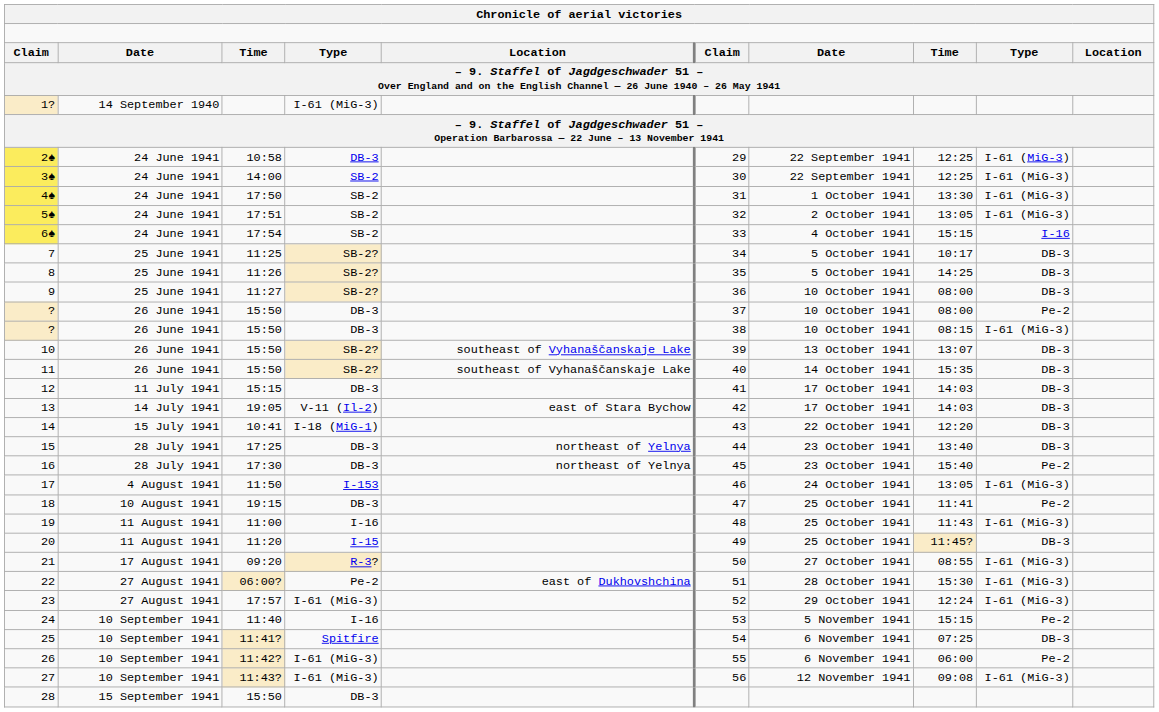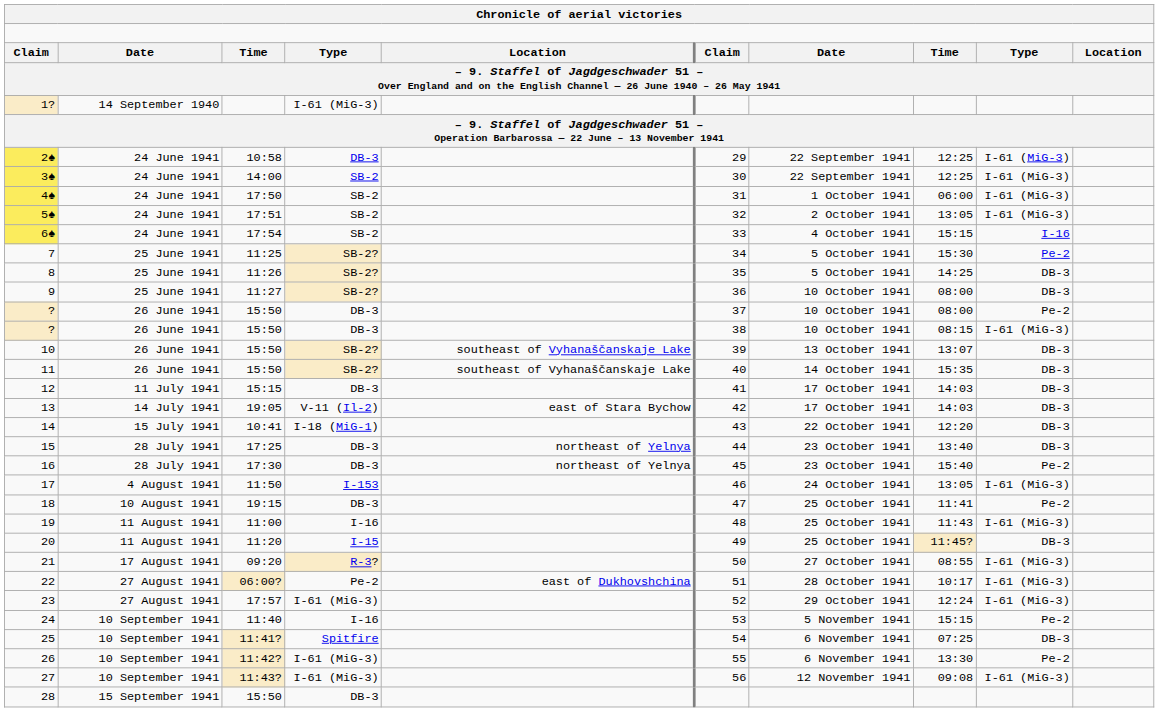 <table class="wikitable plainrowheaders collapsible" style="margin-left: auto; margin-right: auto; border: none; text-align:right; width: 100%;">
 <tr>
 <th colspan="10">Chronicle of aerial victories</th>
 </tr>
 <tr>
 <td colspan="10" style="text-align: left;"><br> </td>
 </tr>
 <tr>
 <th scope="col">Claim</th>
 <th scope="col">Date</th>
 <th scope="col">Time</th>
 <th scope="col" width="100px">Type</th>
 <th scope="col">Location</th>
 <th scope="col" style="border-left: 3px solid grey;">Claim</th>
 <th scope="col">Date</th>
 <th scope="col">Time</th>
 <th scope="col" width="100px">Type</th>
 <th scope="col">Location</th>
 </tr>
 <tr>
 <th colspan="10">– 9. <em>Staffel</em> of <em>Jagdgeschwader</em> 51 –<br><small>Over England and on the English Channel — 26 June 1940 – 26 May 1941</small></th>
 </tr>
 <tr>
 <td style="background:#faecc8">1?</td>
 <td>14 September 1940</td>
 <td></td>
 <td>I-61 (MiG-3)</td>
 <td></td>
 <td style="border-left: 3px solid grey;"></td>
 <td></td>
 <td></td>
 <td></td>
 <td></td>
 </tr>
 <tr>
 <th colspan="10">– 9. <em>Staffel</em> of <em>Jagdgeschwader</em> 51 –<br><small>Operation Barbarossa — 22 June – 13 November 1941</small></th>
 </tr>
 <tr>
 <td style="background:#fbec5d;">2♠</td>
 <td>24 June 1941</td>
 <td>10:58</td>
 <td><a href='#'>DB-3</a></td>
 <td></td>
 <td style="border-left: 3px solid grey;">29</td>
 <td>22 September 1941</td>
 <td>12:25</td>
 <td>I-61 (<a href='#'>MiG-3</a>)</td>
 <td></td>
 </tr>
 <tr>
 <td style="background:#fbec5d;">3♠</td>
 <td>24 June 1941</td>
 <td>14:00</td>
 <td><a href='#'>SB-2</a></td>
 <td></td>
 <td style="border-left: 3px solid grey;">30</td>
 <td>22 September 1941</td>
 <td>12:25</td>
 <td>I-61 (MiG-3)</td>
 <td></td>
 </tr>
 <tr>
 <td style="background:#fbec5d;">4♠</td>
 <td>24 June 1941</td>
 <td>17:50</td>
 <td>SB-2</td>
 <td></td>
 <td style="border-left: 3px solid grey;">31</td>
 <td>1 October 1941</td>
-<td>13:30</td>
+<td>06:00</td>
 <td>I-61 (MiG-3)</td>
 <td></td>
 </tr>
 <tr>
 <td style="background:#fbec5d;">5♠</td>
 <td>24 June 1941</td>
 <td>17:51</td>
 <td>SB-2</td>
 <td></td>
 <td style="border-left: 3px solid grey;">32</td>
 <td>2 October 1941</td>
 <td>13:05</td>
 <td>I-61 (MiG-3)</td>
 <td></td>
 </tr>
 <tr>
 <td style="background:#fbec5d;">6♠</td>
 <td>24 June 1941</td>
 <td>17:54</td>
 <td>SB-2</td>
 <td></td>
 <td style="border-left: 3px solid grey;">33</td>
 <td>4 October 1941</td>
 <td>15:15</td>
 <td><a href='#'>I-16</a></td>
 <td></td>
 </tr>
 <tr>
 <td>7</td>
 <td>25 June 1941</td>
 <td>11:25</td>
 <td style="background:#faecc8">SB-2?</td>
 <td></td>
 <td style="border-left: 3px solid grey;">34</td>
 <td>5 October 1941</td>
-<td>10:17</td>
-<td>DB-3</td>
+<td>15:30</td>
+<td><a href='#'>Pe-2</a></td>
 <td></td>
 </tr>
 <tr>
 <td>8</td>
 <td>25 June 1941</td>
 <td>11:26</td>
 <td style="background:#faecc8">SB-2?</td>
 <td></td>
 <td style="border-left: 3px solid grey;">35</td>
 <td>5 October 1941</td>
 <td>14:25</td>
 <td>DB-3</td>
 <td></td>
 </tr>
 <tr>
 <td>9</td>
 <td>25 June 1941</td>
 <td>11:27</td>
 <td style="background:#faecc8">SB-2?</td>
 <td></td>
 <td style="border-left: 3px solid grey;">36</td>
 <td>10 October 1941</td>
 <td>08:00</td>
 <td>DB-3</td>
 <td></td>
 </tr>
 <tr>
 <td style="background:#faecc8">?</td>
 <td>26 June 1941</td>
 <td>15:50</td>
 <td>DB-3</td>
 <td></td>
 <td style="border-left: 3px solid grey;">37</td>
 <td>10 October 1941</td>
 <td>08:00</td>
 <td>Pe-2</td>
 <td></td>
 </tr>
 <tr>
 <td style="background:#faecc8">?</td>
 <td>26 June 1941</td>
 <td>15:50</td>
 <td>DB-3</td>
 <td></td>
 <td style="border-left: 3px solid grey;">38</td>
 <td>10 October 1941</td>
 <td>08:15</td>
 <td>I-61 (MiG-3)</td>
 <td></td>
 </tr>
 <tr>
 <td>10</td>
 <td>26 June 1941</td>
 <td>15:50</td>
 <td style="background:#faecc8">SB-2?</td>
 <td>southeast of <a href='#'>Vyhanaščanskaje Lake</a></td>
 <td style="border-left: 3px solid grey;">39</td>
 <td>13 October 1941</td>
 <td>13:07</td>
 <td>DB-3</td>
 <td></td>
 </tr>
 <tr>
 <td>11</td>
 <td>26 June 1941</td>
 <td>15:50</td>
 <td style="background:#faecc8">SB-2?</td>
 <td>southeast of Vyhanaščanskaje Lake</td>
 <td style="border-left: 3px solid grey;">40</td>
 <td>14 October 1941</td>
 <td>15:35</td>
 <td>DB-3</td>
 <td></td>
 </tr>
 <tr>
 <td>12</td>
 <td>11 July 1941</td>
 <td>15:15</td>
 <td>DB-3</td>
 <td></td>
 <td style="border-left: 3px solid grey;">41</td>
 <td>17 October 1941</td>
 <td>14:03</td>
 <td>DB-3</td>
 <td></td>
 </tr>
 <tr>
 <td>13</td>
 <td>14 July 1941</td>
 <td>19:05</td>
 <td>V-11 (<a href='#'>Il-2</a>)</td>
 <td> east of Stara Bychow</td>
 <td style="border-left: 3px solid grey;">42</td>
 <td>17 October 1941</td>
 <td>14:03</td>
 <td>DB-3</td>
 <td></td>
 </tr>
 <tr>
 <td>14</td>
 <td>15 July 1941</td>
 <td>10:41</td>
 <td>I-18 (<a href='#'>MiG-1</a>)</td>
 <td></td>
 <td style="border-left: 3px solid grey;">43</td>
 <td>22 October 1941</td>
 <td>12:20</td>
 <td>DB-3</td>
 <td></td>
 </tr>
 <tr>
 <td>15</td>
 <td>28 July 1941</td>
 <td>17:25</td>
 <td>DB-3</td>
 <td> northeast of <a href='#'>Yelnya</a></td>
 <td style="border-left: 3px solid grey;">44</td>
 <td>23 October 1941</td>
 <td>13:40</td>
 <td>DB-3</td>
 <td></td>
 </tr>
 <tr>
 <td>16</td>
 <td>28 July 1941</td>
 <td>17:30</td>
 <td>DB-3</td>
 <td> northeast of Yelnya</td>
 <td style="border-left: 3px solid grey;">45</td>
 <td>23 October 1941</td>
 <td>15:40</td>
 <td>Pe-2</td>
 <td></td>
 </tr>
 <tr>
 <td>17</td>
 <td>4 August 1941</td>
 <td>11:50</td>
 <td><a href='#'>I-153</a></td>
 <td></td>
 <td style="border-left: 3px solid grey;">46</td>
 <td>24 October 1941</td>
 <td>13:05</td>
 <td>I-61 (MiG-3)</td>
 <td></td>
 </tr>
 <tr>
 <td>18</td>
 <td>10 August 1941</td>
 <td>19:15</td>
 <td>DB-3</td>
 <td></td>
 <td style="border-left: 3px solid grey;">47</td>
 <td>25 October 1941</td>
 <td>11:41</td>
 <td>Pe-2</td>
 <td></td>
 </tr>
 <tr>
 <td>19</td>
 <td>11 August 1941</td>
 <td>11:00</td>
 <td>I-16</td>
 <td></td>
 <td style="border-left: 3px solid grey;">48</td>
 <td>25 October 1941</td>
 <td>11:43</td>
 <td>I-61 (MiG-3)</td>
 <td></td>
 </tr>
 <tr>
 <td>20</td>
 <td>11 August 1941</td>
 <td>11:20</td>
 <td><a href='#'>I-15</a></td>
 <td></td>
 <td style="border-left: 3px solid grey;">49</td>
 <td>25 October 1941</td>
 <td style="background:#faecc8">11:45?</td>
 <td>DB-3</td>
 <td></td>
 </tr>
 <tr>
 <td>21</td>
 <td>17 August 1941</td>
 <td>09:20</td>
 <td style="background:#faecc8"><a href='#'>R-3</a>?</td>
 <td></td>
 <td style="border-left: 3px solid grey;">50</td>
 <td>27 October 1941</td>
 <td>08:55</td>
 <td>I-61 (MiG-3)</td>
 <td></td>
 </tr>
 <tr>
 <td>22</td>
 <td>27 August 1941</td>
 <td style="background:#faecc8">06:00?</td>
 <td>Pe-2</td>
 <td> east of <a href='#'>Dukhovshchina</a></td>
 <td style="border-left: 3px solid grey;">51</td>
 <td>28 October 1941</td>
-<td>15:30</td>
+<td>10:17</td>
 <td>I-61 (MiG-3)</td>
 <td></td>
 </tr>
 <tr>
 <td>23</td>
 <td>27 August 1941</td>
 <td>17:57</td>
 <td>I-61 (MiG-3)</td>
 <td></td>
 <td style="border-left: 3px solid grey;">52</td>
 <td>29 October 1941</td>
 <td>12:24</td>
 <td>I-61 (MiG-3)</td>
 <td></td>
 </tr>
 <tr>
 <td>24</td>
 <td>10 September 1941</td>
 <td>11:40</td>
 <td>I-16</td>
 <td></td>
 <td style="border-left: 3px solid grey;">53</td>
 <td>5 November 1941</td>
 <td>15:15</td>
 <td>Pe-2</td>
 <td></td>
 </tr>
 <tr>
 <td>25</td>
 <td>10 September 1941</td>
 <td style="background:#faecc8">11:41?</td>
 <td><a href='#'>Spitfire</a></td>
 <td></td>
 <td style="border-left: 3px solid grey;">54</td>
 <td>6 November 1941</td>
 <td>07:25</td>
 <td>DB-3</td>
 <td></td>
 </tr>
 <tr>
 <td>26</td>
 <td>10 September 1941</td>
 <td style="background:#faecc8">11:42?</td>
 <td>I-61 (MiG-3)</td>
 <td></td>
 <td style="border-left: 3px solid grey;">55</td>
 <td>6 November 1941</td>
-<td>06:00</td>
+<td>13:30</td>
 <td>Pe-2</td>
 <td></td>
 </tr>
 <tr>
 <td>27</td>
 <td>10 September 1941</td>
 <td style="background:#faecc8">11:43?</td>
 <td>I-61 (MiG-3)</td>
 <td></td>
 <td style="border-left: 3px solid grey;">56</td>
 <td>12 November 1941</td>
 <td>09:08</td>
 <td>I-61 (MiG-3)</td>
 <td></td>
 </tr>
 <tr>
 <td>28</td>
 <td>15 September 1941</td>
 <td>15:50</td>
 <td>DB-3</td>
 <td></td>
 <td style="border-left: 3px solid grey;"></td>
 <td></td>
 <td></td>
 <td></td>
 <td></td>
 </tr>
 </table>
